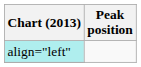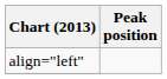 <table class="wikitable sortable plainrowheaders">
 <tr>
 <th scope="col">Chart (2013)</th>
 <th scope="col">Peak<br>position</th>
 </tr>
 <tr>
-<td style="background: paleturquoise;">align="left" </td>
+<td>align="left" </td>
 </tr>
 <tr>
 </tr>
 <tr>
 </tr>
 <tr>
 </tr>
 <tr>
 </tr>
 </table>
